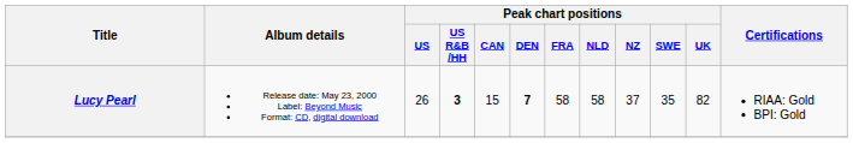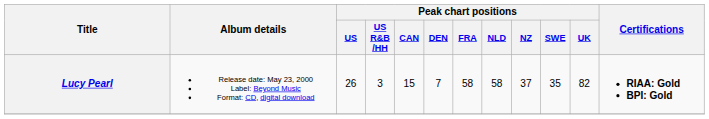 <table class="wikitable plainrowheaders" style="text-align:center;" border="1">
 <tr>
 <th scope="col" rowspan="2" style="width:16em;">Title</th>
 <th scope="col" rowspan="2" style="width:16em;">Album details</th>
 <th scope="col" colspan="9">Peak chart positions</th>
 <th scope="col" rowspan="2" style="width:10em;"><a href='#'>Certifications</a></th>
 </tr>
 <tr>
 <th scope="col" style="width:2.75em;font-size:90%;"><a href='#'>US</a><br></th>
 <th scope="col" style="width:2.75em;font-size:90%;"><a href='#'>US R&B<br>/HH</a><br></th>
 <th scope="col" style="width:2.75em;font-size:90%;"><a href='#'>CAN</a><br></th>
 <th scope="col" style="width:2.75em;font-size:90%;"><a href='#'>DEN</a><br></th>
 <th scope="col" style="width:2.75em;font-size:90%;"><a href='#'>FRA</a><br></th>
 <th scope="col" style="width:2.75em;font-size:90%;"><a href='#'>NLD</a><br></th>
 <th scope="col" style="width:2.75em;font-size:90%;"><a href='#'>NZ</a><br></th>
 <th scope="col" style="width:2.75em;font-size:90%;"><a href='#'>SWE</a><br></th>
 <th scope="col" style="width:2.75em;font-size:90%;"><a href='#'>UK</a><br></th>
 </tr>
 <tr>
 <th scope="row"><em><a href='#'>Lucy Pearl</a></em></th>
 <td style="font-size:12px;"><br><ul><li>Release date: May 23, 2000</li><li>Label: <a href='#'>Beyond Music</a></li><li>Format: <a href='#'>CD</a>, <a href='#'>digital download</a></li></ul></td>
 <td>26</td>
-<td><strong>3</strong></td>
+<td>3</td>
 <td>15</td>
-<td><strong>7</strong></td>
+<td>7</td>
 <td>58</td>
 <td>58</td>
 <td>37</td>
 <td>35</td>
 <td>82</td>
-<td align="left"><br><ul><li>RIAA: Gold</li><li>BPI: Gold</li></ul></td>
+<td align="left"><strong><br><ul><li>RIAA: Gold</li><li>BPI: Gold</li></ul></strong></td>
 </tr>
 <tr>
 </tr>
 </table>
